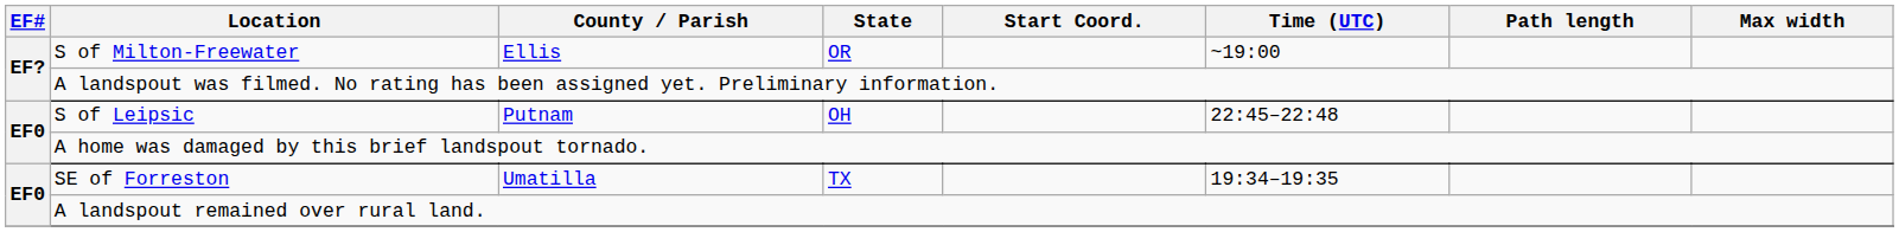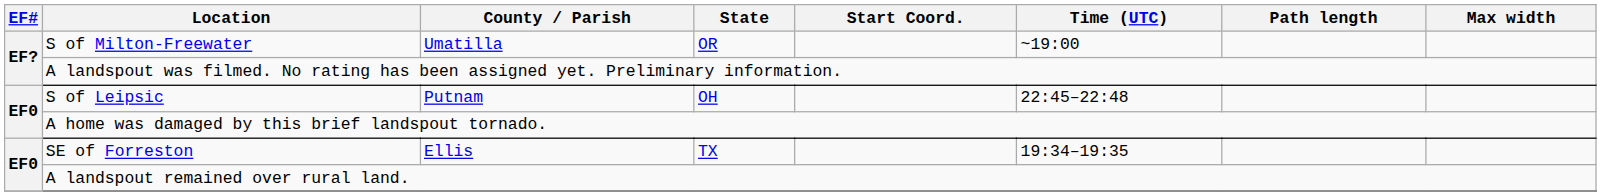 <table class="wikitable sortable" style="width:100%;">
 <tr>
 <th scope="col" width="2%" align="center"><a href='#'>EF#</a></th>
 <th scope="col" align="center" class="unsortable">Location</th>
 <th scope="col" align="center" class="unsortable">County / Parish</th>
 <th scope="col" align="center">State</th>
 <th scope="col" align="center">Start Coord.</th>
 <th scope="col" align="center">Time (<a href='#'>UTC</a>)</th>
 <th scope="col" align="center">Path length</th>
 <th scope="col" align="center">Max width</th>
 </tr>
 <tr>
 <th scope="row" rowspan="2" style="background-color:#">EF?</th>
 <td>S of <a href='#'>Milton-Freewater</a></td>
-<td><a href='#'>Ellis</a></td>
+<td><a href='#'>Umatilla</a></td>
 <td><a href='#'>OR</a></td>
 <td></td>
 <td>~19:00</td>
 <td></td>
 <td></td>
 </tr>
 <tr class="expand-child">
 <td colspan="8" style=" border-bottom: 1px solid black;">A landspout was filmed. No rating has been assigned yet. Preliminary information.</td>
 </tr>
 <tr>
 <th scope="row" rowspan="2" style="background-color:#">EF0</th>
 <td>S of <a href='#'>Leipsic</a></td>
 <td><a href='#'>Putnam</a></td>
 <td><a href='#'>OH</a></td>
 <td></td>
 <td>22:45–22:48</td>
 <td></td>
 <td></td>
 </tr>
 <tr class="expand-child">
 <td colspan="8" style=" border-bottom: 1px solid black;">A home was damaged by this brief landspout tornado.</td>
 </tr>
 <tr>
 <th scope="row" rowspan="2" style="background-color:#">EF0</th>
 <td>SE of <a href='#'>Forreston</a></td>
-<td><a href='#'>Umatilla</a></td>
+<td><a href='#'>Ellis</a></td>
 <td><a href='#'>TX</a></td>
 <td></td>
 <td>19:34–19:35</td>
 <td></td>
 <td></td>
 </tr>
 <tr class="expand-child">
 <td colspan="8" style=" border-bottom: 1px solid black;">A landspout remained over rural land.</td>
 </tr>
 <tr>
 </tr>
 </table>
